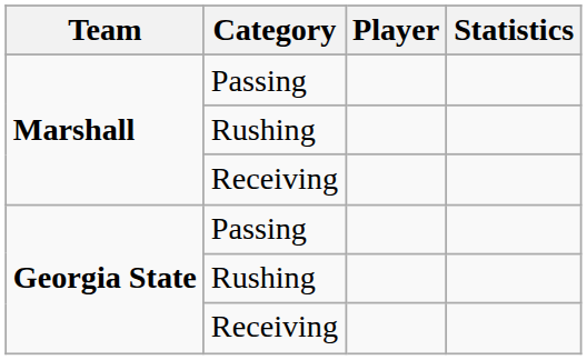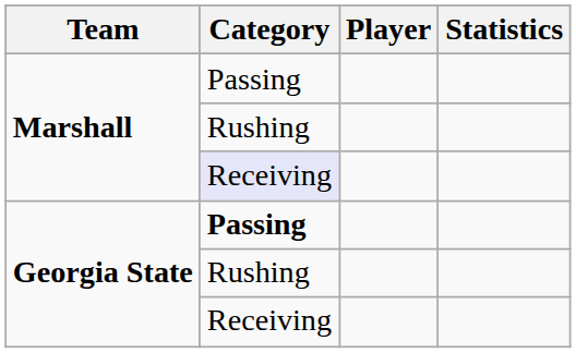 <table class="wikitable" style="float: right;">
 <tr>
 <th>Team</th>
 <th>Category</th>
 <th>Player</th>
 <th>Statistics</th>
 </tr>
 <tr>
 <td rowspan=3><strong>Marshall</strong></td>
 <td>Passing</td>
 <td></td>
 <td></td>
 </tr>
 <tr>
 <td>Rushing</td>
 <td></td>
 <td></td>
 </tr>
 <tr>
-<td>Receiving</td>
+<td style="background: lavender;">Receiving</td>
 <td></td>
 <td></td>
 </tr>
 <tr>
 <td rowspan=3><strong>Georgia State</strong></td>
-<td>Passing</td>
+<td><strong>Passing</strong></td>
 <td></td>
 <td></td>
 </tr>
 <tr>
 <td>Rushing</td>
 <td></td>
 <td></td>
 </tr>
 <tr>
 <td>Receiving</td>
 <td></td>
 <td></td>
 </tr>
 </table>
